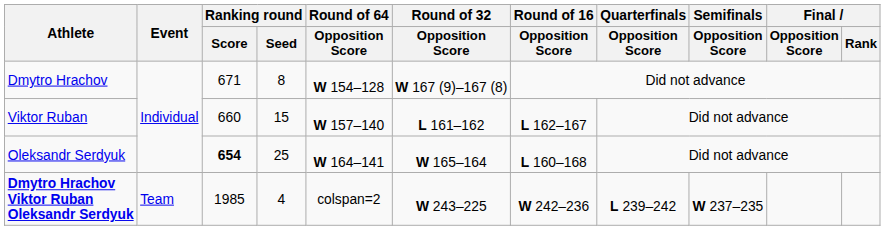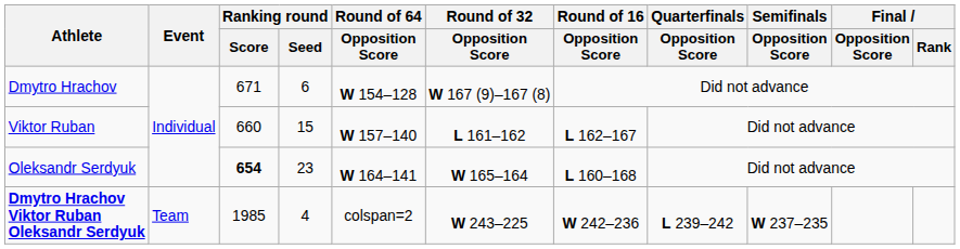 <table class="wikitable" style="font-size:90%">
 <tr>
 <th rowspan="2">Athlete</th>
 <th rowspan="2">Event</th>
 <th colspan="2">Ranking round</th>
 <th>Round of 64</th>
 <th>Round of 32</th>
 <th>Round of 16</th>
 <th>Quarterfinals</th>
 <th>Semifinals</th>
 <th colspan="2">Final / </th>
 </tr>
 <tr style="font-size:95%">
 <th>Score</th>
 <th>Seed</th>
 <th>Opposition<br>Score</th>
 <th>Opposition<br>Score</th>
 <th>Opposition<br>Score</th>
 <th>Opposition<br>Score</th>
 <th>Opposition<br>Score</th>
 <th>Opposition<br>Score</th>
 <th>Rank</th>
 </tr>
 <tr align=center>
 <td align=left><a href='#'>Dmytro Hrachov</a></td>
 <td align=left rowspan=3><a href='#'>Individual</a></td>
 <td>671</td>
-<td>8</td>
+<td>6</td>
 <td><br><strong>W</strong> 154–128</td>
 <td><br><strong>W</strong> 167 (9)–167 (8)</td>
 <td colspan=5>Did not advance</td>
 </tr>
 <tr align=center>
 <td align=left><a href='#'>Viktor Ruban</a></td>
 <td>660</td>
 <td>15</td>
 <td><br><strong>W</strong> 157–140</td>
 <td><br><strong>L</strong> 161–162</td>
 <td><br><strong>L</strong> 162–167</td>
 <td colspan=4>Did not advance</td>
 </tr>
 <tr align=center>
 <td align=left><a href='#'>Oleksandr Serdyuk</a></td>
 <td><strong>654</strong></td>
-<td>25</td>
+<td>23</td>
 <td><br><strong>W</strong> 164–141</td>
 <td><br><strong>W</strong> 165–164</td>
 <td><br><strong>L</strong> 160–168</td>
 <td colspan=4>Did not advance</td>
 </tr>
 <tr align=center>
 <td align=left><strong><a href='#'>Dmytro Hrachov</a><br><a href='#'>Viktor Ruban</a><br><a href='#'>Oleksandr Serdyuk</a></strong></td>
 <td align=left><a href='#'>Team</a></td>
 <td>1985</td>
 <td>4</td>
 <td>colspan=2 </td>
 <td><br><strong>W</strong> 243–225</td>
 <td><br><strong>W</strong> 242–236</td>
 <td><br><strong>L</strong> 239–242</td>
 <td><br><strong>W</strong> 237–235</td>
 <td></td>
 </tr>
 </table>
